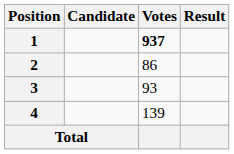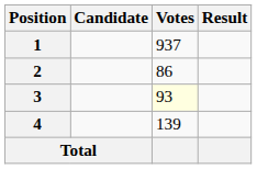 <table class="wikitable sortable col3right">
 <tr>
 <th scope="col">Position</th>
 <th scope="col">Candidate</th>
 <th scope="col">Votes</th>
 <th scope="col">Result</th>
 </tr>
 <tr>
 <th scope="row">1</th>
 <td></td>
-<td><strong>937</strong></td>
+<td>937</td>
 <td></td>
 </tr>
 <tr>
 <th scope="row">2</th>
 <td></td>
 <td>86</td>
 <td></td>
 </tr>
 <tr>
 <th scope="row">3</th>
 <td></td>
-<td>93</td>
+<td style="background: lightyellow;">93</td>
 <td></td>
 </tr>
 <tr>
 <th scope="row">4</th>
 <td></td>
 <td>139</td>
 <td></td>
 </tr>
 <tr class="sortbottom">
 <th scope="row" colspan="2">Total</th>
 <th></th>
 <th></th>
 </tr>
 </table>
